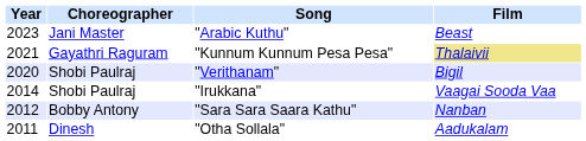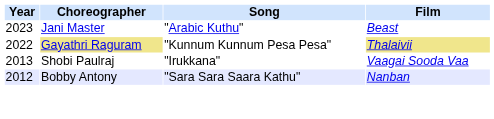 <table cellspacing="1" cellpadding="1" border="0" width="50%">
 <tr bgcolor="#d1e4fd">
 <th>Year</th>
 <th>Choreographer</th>
 <th>Song</th>
 <th>Film</th>
 </tr>
 <tr>
 <td>2023</td>
 <td><a href='#'>Jani Master</a></td>
 <td>"<a href='#'>Arabic Kuthu</a>"</td>
 <td><em><a href='#'>Beast</a></em></td>
 </tr>
 <tr>
-<td>2021</td>
-<td><a href='#'>Gayathri Raguram</a></td>
+<td>2022</td>
+<td style="background: khaki;"><a href='#'>Gayathri Raguram</a></td>
 <td>"Kunnum Kunnum Pesa Pesa"</td>
 <td style="background: khaki;"><em><a href='#'>Thalaivii</a></em> </td>
 </tr>
-<tr bgcolor="#e4e8ff">
-<td>2020</td>
-<td>Shobi Paulraj</td>
-<td>"<a href='#'>Verithanam</a>"</td>
-<td><em><a href='#'>Bigil</a></em></td>
-</tr>
 <tr>
-<td>2014</td>
+<td>2013</td>
 <td>Shobi Paulraj</td>
 <td>"Irukkana"</td>
 <td><em><a href='#'>Vaagai Sooda Vaa</a></em></td>
 </tr>
 <tr bgcolor="#e4e8ff">
 <td>2012</td>
 <td>Bobby Antony</td>
 <td>"Sara Sara Saara Kathu"</td>
 <td><em><a href='#'>Nanban</a></em></td>
 </tr>
-<tr>
-<td>2011</td>
-<td><a href='#'>Dinesh</a></td>
-<td>"Otha Sollala"</td>
-<td><em><a href='#'>Aadukalam</a></em></td>
-</tr>
 </table>
